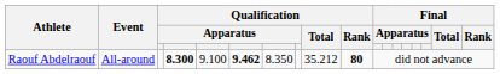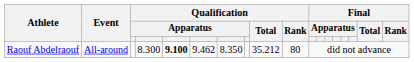 <table class=wikitable style=font-size:90%;text-align:center>
 <tr>
 <th rowspan=3>Athlete</th>
 <th rowspan=3>Event</th>
 <th colspan=8>Qualification</th>
 <th colspan=8>Final</th>
 </tr>
 <tr style=font-size:95%>
 <th colspan=6>Apparatus</th>
 <th rowspan=2>Total</th>
 <th rowspan=2>Rank</th>
 <th colspan=6>Apparatus</th>
 <th rowspan=2>Total</th>
 <th rowspan=2>Rank</th>
 </tr>
 <tr style=font-size:95%>
 <th></th>
 <th></th>
 <th></th>
 <th></th>
 <th></th>
 <th></th>
 <th></th>
 <th></th>
 <th></th>
 <th></th>
 <th></th>
 <th></th>
 </tr>
 <tr>
 <td align=left><a href='#'>Raouf Abdelraouf</a></td>
 <td align=left><a href='#'>All-around</a></td>
 <td></td>
-<td><strong>8.300</strong></td>
-<td>9.100</td>
-<td><strong>9.462</strong></td>
+<td>8.300</td>
+<td><strong>9.100</strong></td>
+<td>9.462</td>
 <td>8.350</td>
 <td></td>
 <td>35.212</td>
-<td><strong>80</strong></td>
+<td>80</td>
 <td colspan=8>did not advance</td>
 </tr>
 </table>
